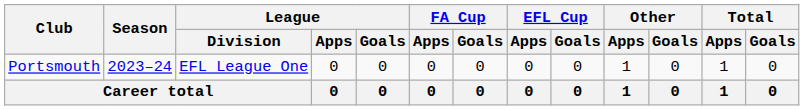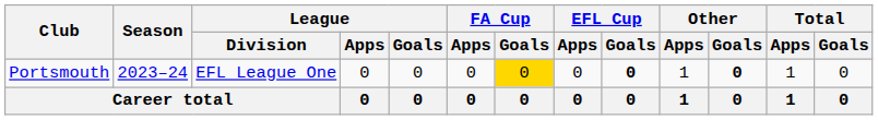 <table class="wikitable" style="text-align:center;">
 <tr>
 <th rowspan="2">Club</th>
 <th rowspan="2">Season</th>
 <th colspan="3">League</th>
 <th colspan="2"><a href='#'>FA Cup</a></th>
 <th colspan="2"><a href='#'>EFL Cup</a></th>
 <th colspan="2">Other</th>
 <th colspan="2">Total</th>
 </tr>
 <tr>
 <th>Division</th>
 <th>Apps</th>
 <th>Goals</th>
 <th>Apps</th>
 <th>Goals</th>
 <th>Apps</th>
 <th>Goals</th>
 <th>Apps</th>
 <th>Goals</th>
 <th>Apps</th>
 <th>Goals</th>
 </tr>
 <tr>
 <td><a href='#'>Portsmouth</a></td>
 <td><a href='#'>2023–24</a></td>
 <td><a href='#'>EFL League One</a></td>
 <td>0</td>
 <td>0</td>
 <td>0</td>
+<td style="background: gold;">0</td>
 <td>0</td>
-<td>0</td>
-<td>0</td>
+<td><strong>0</strong></td>
 <td>1</td>
-<td>0</td>
+<td><strong>0</strong></td>
 <td>1</td>
 <td>0</td>
 </tr>
 <tr>
 <th colspan="3">Career total</th>
 <th>0</th>
 <th>0</th>
 <th>0</th>
 <th>0</th>
 <th>0</th>
 <th>0</th>
 <th>1</th>
 <th>0</th>
 <th>1</th>
 <th>0</th>
 </tr>
 </table>
